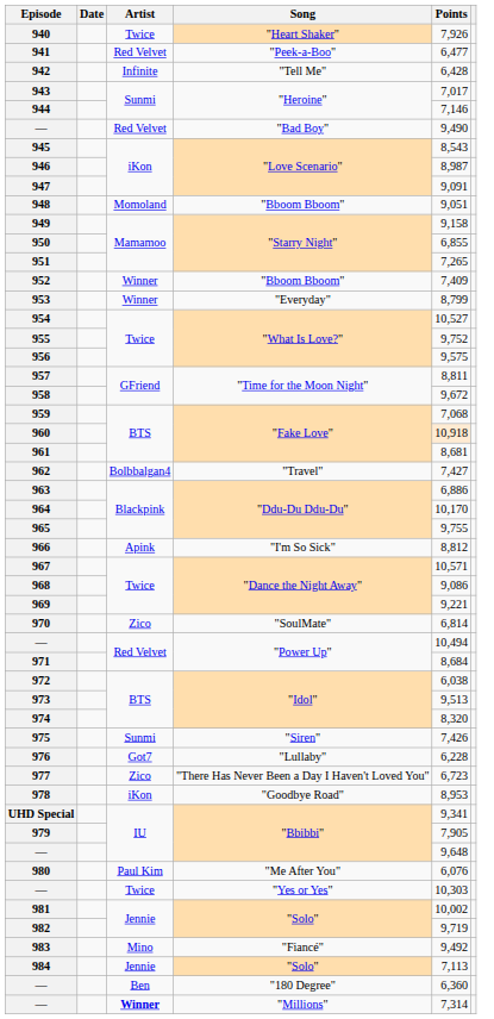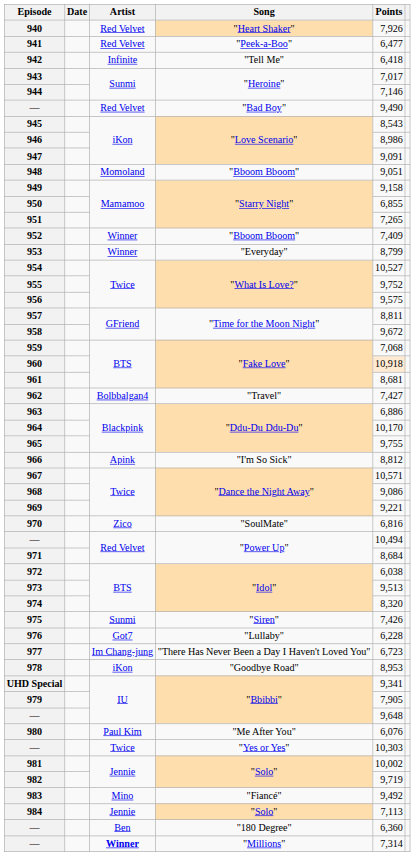 <table class="wikitable plainrowheaders sortable" style="text-align:center">
 <tr>
 <th scope="col">Episode</th>
 <th scope="col">Date</th>
 <th scope="col">Artist</th>
 <th scope="col">Song</th>
 <th scope="col">Points</th>
 <th scope="col" class="unsortable"></th>
 </tr>
 <tr>
 <th scope="row">940</th>
 <td></td>
-<td><a href='#'>Twice</a></td>
+<td><a href='#'>Red Velvet</a></td>
 <td style="background-color:#FFDEAD">"<a href='#'>Heart Shaker</a>" </td>
 <td style="text-align:right">7,926</td>
 <td></td>
 </tr>
 <tr>
 <th scope="row">941</th>
 <td></td>
 <td><a href='#'>Red Velvet</a></td>
 <td>"<a href='#'>Peek-a-Boo</a>"</td>
 <td style="text-align:right">6,477</td>
 <td></td>
 </tr>
 <tr>
 <th scope="row">942</th>
 <td></td>
 <td><a href='#'>Infinite</a></td>
 <td>"Tell Me"</td>
-<td style="text-align:right">6,428</td>
+<td style="text-align:right">6,418</td>
 <td></td>
 </tr>
 <tr>
 <th scope="row">943</th>
 <td></td>
 <td rowspan="2"><a href='#'>Sunmi</a></td>
 <td rowspan="2">"<a href='#'>Heroine</a>"</td>
 <td style="text-align:right">7,017</td>
 <td></td>
 </tr>
 <tr>
 <th scope="row">944</th>
 <td></td>
 <td style="text-align:right">7,146</td>
 <td></td>
 </tr>
 <tr>
 <th scope="row">—</th>
 <td></td>
 <td><a href='#'>Red Velvet</a></td>
 <td>"<a href='#'>Bad Boy</a>"</td>
 <td style="text-align:right">9,490</td>
 <td></td>
 </tr>
 <tr>
 <th scope="row">945</th>
 <td></td>
 <td rowspan="3"><a href='#'>iKon</a></td>
 <td rowspan="3" style="background-color:#FFDEAD">"<a href='#'>Love Scenario</a>" </td>
 <td style="text-align:right">8,543</td>
 <td></td>
 </tr>
 <tr>
 <th scope="row">946</th>
 <td></td>
-<td style="text-align:right">8,987</td>
+<td style="text-align:right">8,986</td>
 <td></td>
 </tr>
 <tr>
 <th scope="row">947</th>
 <td></td>
 <td style="text-align:right">9,091</td>
 <td></td>
 </tr>
 <tr>
 <th scope="row">948</th>
 <td></td>
 <td><a href='#'>Momoland</a></td>
 <td>"<a href='#'>Bboom Bboom</a>"</td>
 <td style="text-align:right">9,051</td>
 <td></td>
 </tr>
 <tr>
 <th scope="row">949</th>
 <td></td>
 <td rowspan="3"><a href='#'>Mamamoo</a></td>
 <td rowspan="3" style="background-color:#FFDEAD">"<a href='#'>Starry Night</a>" </td>
 <td style="text-align:right">9,158</td>
 <td></td>
 </tr>
 <tr>
 <th scope="row">950</th>
 <td></td>
 <td style="text-align:right">6,855</td>
 <td></td>
 </tr>
 <tr>
 <th scope="row">951</th>
 <td></td>
 <td style="text-align:right">7,265</td>
 <td></td>
 </tr>
 <tr>
 <th scope="row">952</th>
 <td></td>
 <td><a href='#'>Winner</a></td>
 <td>"<a href='#'>Bboom Bboom</a>"</td>
 <td style="text-align:right">7,409</td>
 <td></td>
 </tr>
 <tr>
 <th scope="row">953</th>
 <td></td>
 <td><a href='#'>Winner</a></td>
 <td>"Everyday"</td>
 <td style="text-align:right">8,799</td>
 <td></td>
 </tr>
 <tr>
 <th scope="row">954</th>
 <td></td>
 <td rowspan="3"><a href='#'>Twice</a></td>
 <td rowspan="3" style="background-color:#FFDEAD">"<a href='#'>What Is Love?</a>" </td>
 <td style="text-align:right">10,527</td>
 <td></td>
 </tr>
 <tr>
 <th scope="row">955</th>
 <td></td>
 <td style="text-align:right">9,752</td>
 <td></td>
 </tr>
 <tr>
 <th scope="row">956</th>
 <td></td>
 <td style="text-align:right">9,575</td>
 <td></td>
 </tr>
 <tr>
 <th scope="row">957</th>
 <td></td>
 <td rowspan="2"><a href='#'>GFriend</a></td>
 <td rowspan="2">"<a href='#'>Time for the Moon Night</a>"</td>
 <td style="text-align:right">8,811</td>
 <td></td>
 </tr>
 <tr>
 <th scope="row">958</th>
 <td></td>
 <td style="text-align:right">9,672</td>
 <td></td>
 </tr>
 <tr>
 <th scope="row">959</th>
 <td></td>
 <td rowspan="3"><a href='#'>BTS</a></td>
 <td rowspan="3" style="background-color:#FFDEAD">"<a href='#'>Fake Love</a>" </td>
 <td style="text-align:right">7,068</td>
 <td></td>
 </tr>
 <tr>
 <th scope="row">960</th>
 <td></td>
 <td style="background-color:#FFEBD2; text-align:right">10,918 </td>
 <td></td>
 </tr>
 <tr>
 <th scope="row">961</th>
 <td></td>
 <td style="text-align:right">8,681</td>
 <td></td>
 </tr>
 <tr>
 <th scope="row">962</th>
 <td></td>
 <td><a href='#'>Bolbbalgan4</a></td>
 <td>"Travel"</td>
 <td style="text-align:right">7,427</td>
 <td></td>
 </tr>
 <tr>
 <th scope="row">963</th>
 <td></td>
 <td rowspan="3"><a href='#'>Blackpink</a></td>
 <td rowspan="3" style="background-color:#FFDEAD">"<a href='#'>Ddu-Du Ddu-Du</a>" </td>
 <td style="text-align:right">6,886</td>
 <td></td>
 </tr>
 <tr>
 <th scope="row">964</th>
 <td></td>
 <td style="text-align:right">10,170</td>
 <td></td>
 </tr>
 <tr>
 <th scope="row">965</th>
 <td></td>
 <td style="text-align:right">9,755</td>
 <td></td>
 </tr>
 <tr>
 <th scope="row">966</th>
 <td></td>
 <td><a href='#'>Apink</a></td>
 <td>"I'm So Sick"</td>
 <td style="text-align:right">8,812</td>
 <td></td>
 </tr>
 <tr>
 <th scope="row">967</th>
 <td></td>
 <td rowspan="3"><a href='#'>Twice</a></td>
 <td rowspan="3" style="background-color:#FFDEAD">"<a href='#'>Dance the Night Away</a>" </td>
 <td style="text-align:right">10,571</td>
 <td></td>
 </tr>
 <tr>
 <th scope="row">968</th>
 <td></td>
 <td style="text-align:right">9,086</td>
 <td></td>
 </tr>
 <tr>
 <th scope="row">969</th>
 <td></td>
 <td style="text-align:right">9,221</td>
 <td></td>
 </tr>
 <tr>
 <th scope="row">970</th>
 <td></td>
 <td><a href='#'>Zico</a></td>
 <td>"SoulMate"</td>
-<td style="text-align:right">6,814</td>
+<td style="text-align:right">6,816</td>
 <td></td>
 </tr>
 <tr>
 <th scope="row">—</th>
 <td></td>
 <td rowspan="2"><a href='#'>Red Velvet</a></td>
 <td rowspan="2">"<a href='#'>Power Up</a>"</td>
 <td style="text-align:right">10,494</td>
 <td></td>
 </tr>
 <tr>
 <th scope="row">971</th>
 <td></td>
 <td style="text-align:right">8,684</td>
 <td></td>
 </tr>
 <tr>
 <th scope="row">972</th>
 <td></td>
 <td rowspan="3"><a href='#'>BTS</a></td>
 <td rowspan="3" style="background-color:#FFDEAD">"<a href='#'>Idol</a>" </td>
 <td style="text-align:right">6,038</td>
 <td></td>
 </tr>
 <tr>
 <th scope="row">973</th>
 <td></td>
 <td style="text-align:right">9,513</td>
 <td></td>
 </tr>
 <tr>
 <th scope="row">974</th>
 <td></td>
 <td style="text-align:right">8,320</td>
 <td></td>
 </tr>
 <tr>
 <th scope="row">975</th>
 <td></td>
 <td><a href='#'>Sunmi</a></td>
 <td>"<a href='#'>Siren</a>"</td>
 <td style="text-align:right">7,426</td>
 <td></td>
 </tr>
 <tr>
 <th scope="row">976</th>
 <td></td>
 <td><a href='#'>Got7</a></td>
 <td>"Lullaby"</td>
 <td style="text-align:right">6,228</td>
 <td></td>
 </tr>
 <tr>
 <th scope="row">977</th>
 <td></td>
-<td><a href='#'>Zico</a></td>
+<td><a href='#'>Im Chang-jung</a></td>
 <td>"There Has Never Been a Day I Haven't Loved You"</td>
 <td style="text-align:right">6,723</td>
 <td></td>
 </tr>
 <tr>
 <th scope="row">978</th>
 <td></td>
 <td><a href='#'>iKon</a></td>
 <td>"Goodbye Road"</td>
 <td style="text-align:right">8,953</td>
 <td></td>
 </tr>
 <tr>
 <th scope="row">UHD Special</th>
 <td></td>
 <td rowspan="3"><a href='#'>IU</a></td>
 <td rowspan="3" style="background-color:#FFDEAD">"<a href='#'>Bbibbi</a>" </td>
 <td style="text-align:right">9,341</td>
 <td></td>
 </tr>
 <tr>
 <th scope="row">979</th>
 <td></td>
 <td style="text-align:right">7,905</td>
 <td></td>
 </tr>
 <tr>
 <th scope="row">—</th>
 <td></td>
 <td style="text-align:right">9,648</td>
 <td></td>
 </tr>
 <tr>
 <th scope="row">980</th>
 <td></td>
 <td><a href='#'>Paul Kim</a></td>
 <td>"Me After You"</td>
 <td style="text-align:right">6,076</td>
 <td></td>
 </tr>
 <tr>
 <th scope="row">—</th>
 <td></td>
 <td><a href='#'>Twice</a></td>
 <td>"<a href='#'>Yes or Yes</a>"</td>
 <td style="text-align:right">10,303</td>
 <td></td>
 </tr>
 <tr>
 <th scope="row">981</th>
 <td></td>
 <td rowspan="2"><a href='#'>Jennie</a></td>
 <td style="background-color:#FFDEAD" rowspan="2">"<a href='#'>Solo</a>" </td>
 <td style="text-align:right">10,002</td>
 <td></td>
 </tr>
 <tr>
 <th scope="row">982</th>
 <td></td>
 <td style="text-align:right">9,719</td>
 <td></td>
 </tr>
 <tr>
 <th scope="row">983</th>
 <td></td>
 <td><a href='#'>Mino</a></td>
 <td>"Fiancé"</td>
 <td style="text-align:right">9,492</td>
 <td></td>
 </tr>
 <tr>
 <th scope="row">984</th>
 <td></td>
 <td><a href='#'>Jennie</a></td>
 <td style="background-color:#FFDEAD">"<a href='#'>Solo</a>" </td>
 <td style="text-align:right">7,113</td>
 <td></td>
 </tr>
 <tr>
 <th scope="row">—</th>
 <td></td>
 <td><a href='#'>Ben</a></td>
 <td>"180 Degree"</td>
 <td style="text-align:right">6,360</td>
 <td></td>
 </tr>
 <tr>
 <th scope="row">—</th>
 <td></td>
 <td><strong><a href='#'>Winner</a></strong></td>
 <td>"<a href='#'>Millions</a>"</td>
 <td style="text-align:right">7,314</td>
 <td></td>
 </tr>
 </table>
